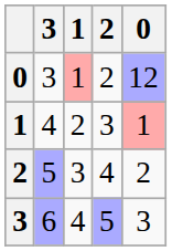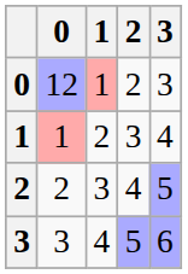 <table class="wikitable floatright" style="font-size:100%;text-align:center;">
 <tr>
 <th></th>
-<th>3</th>
+<th>0</th>
 <th>1</th>
 <th>2</th>
-<th>0</th>
+<th>3</th>
 </tr>
 <tr>
 <th>0</th>
-<td>3</td>
+<td style="background:#aaf;">12</td>
 <td style="background:#faa;">1</td>
 <td>2</td>
-<td style="background:#aaf;">12</td>
+<td>3</td>
 </tr>
 <tr>
 <th>1</th>
-<td>4</td>
+<td style="background:#faa;">1</td>
 <td>2</td>
 <td>3</td>
-<td style="background:#faa;">1</td>
+<td>4</td>
 </tr>
 <tr>
 <th>2</th>
-<td style="background:#aaf;">5</td>
+<td>2</td>
 <td>3</td>
 <td>4</td>
-<td>2</td>
+<td style="background:#aaf;">5</td>
 </tr>
 <tr>
 <th>3</th>
-<td style="background:#aaf;">6</td>
+<td>3</td>
 <td>4</td>
 <td style="background:#aaf;">5</td>
-<td>3</td>
+<td style="background:#aaf;">6</td>
 </tr>
 </table>
